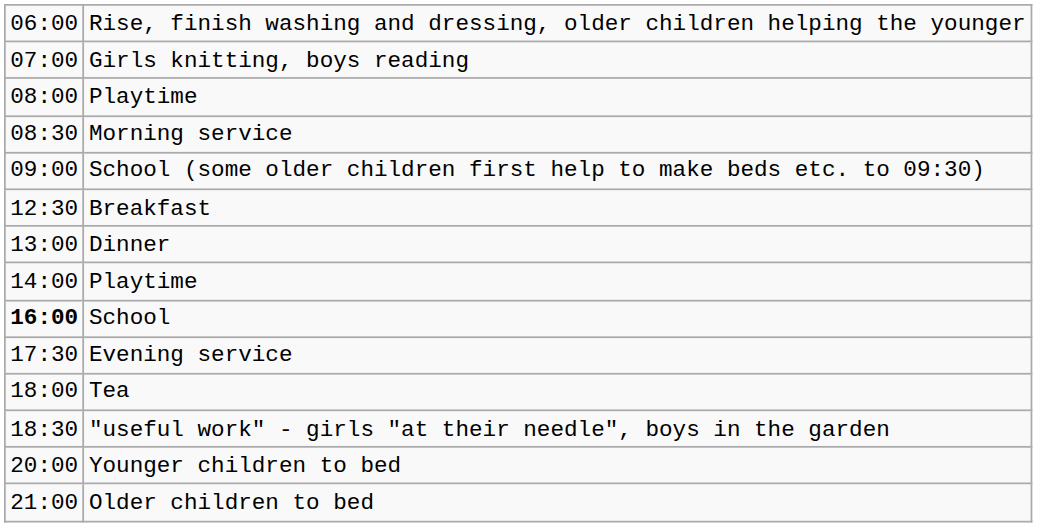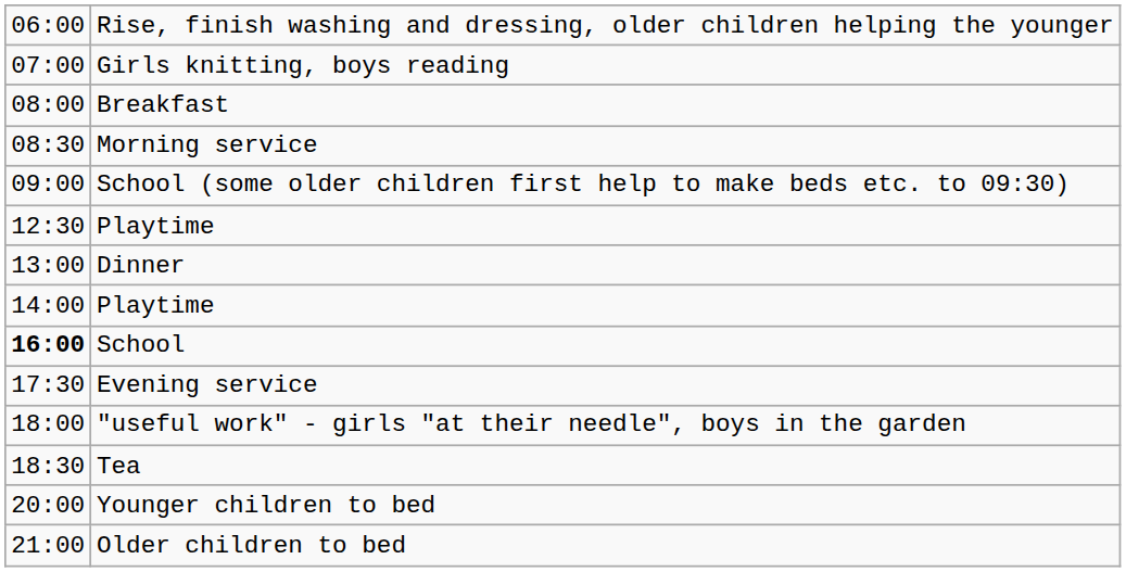 <table class="wikitable">
 <tr>
 <td>06:00</td>
 <td>Rise, finish washing and dressing, older children helping the younger</td>
 </tr>
 <tr>
 <td>07:00</td>
 <td>Girls knitting, boys reading</td>
 </tr>
 <tr>
 <td>08:00</td>
-<td>Playtime</td>
+<td>Breakfast</td>
 </tr>
 <tr>
 <td>08:30</td>
 <td>Morning service</td>
 </tr>
 <tr>
 <td>09:00</td>
 <td>School (some older children first help to make beds etc. to 09:30)</td>
 </tr>
 <tr>
 <td>12:30</td>
-<td>Breakfast</td>
+<td>Playtime</td>
 </tr>
 <tr>
 <td>13:00</td>
 <td>Dinner</td>
 </tr>
 <tr>
 <td>14:00</td>
 <td>Playtime</td>
 </tr>
 <tr>
 <td><strong>16:00</strong></td>
 <td>School</td>
 </tr>
 <tr>
 <td>17:30</td>
 <td>Evening service</td>
 </tr>
 <tr>
 <td>18:00</td>
-<td>Tea</td>
+<td>"useful work" - girls "at their needle", boys in the garden</td>
 </tr>
 <tr>
 <td>18:30</td>
-<td>"useful work" - girls "at their needle", boys in the garden</td>
+<td>Tea</td>
 </tr>
 <tr>
 <td>20:00</td>
 <td>Younger children to bed</td>
 </tr>
 <tr>
 <td>21:00</td>
 <td>Older children to bed</td>
 </tr>
 </table>
